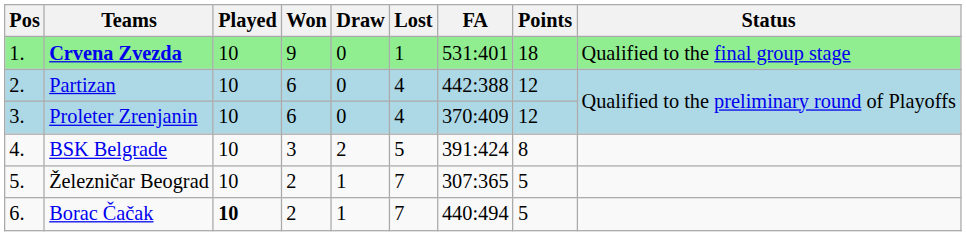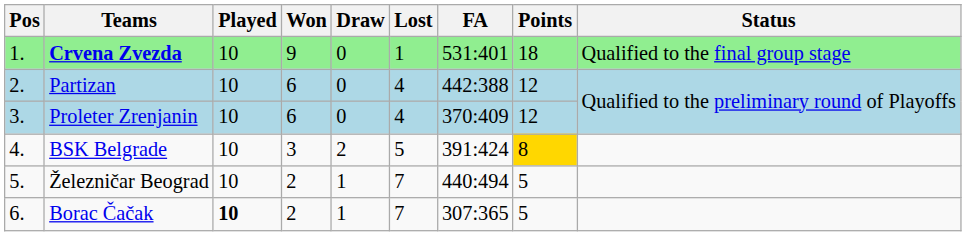 <table class="wikitable">
 <tr>
 <th>Pos</th>
 <th>Teams</th>
 <th>Played</th>
 <th>Won</th>
 <th>Draw</th>
 <th>Lost</th>
 <th>FA</th>
 <th>Points</th>
 <th>Status</th>
 </tr>
 <tr bgcolor="lightgreen">
 <td>1.</td>
 <td><strong><a href='#'>Crvena Zvezda</a></strong></td>
 <td>10</td>
 <td>9</td>
 <td>0</td>
 <td>1</td>
 <td>531:401</td>
 <td>18</td>
 <td>Qualified to the <a href='#'>final group stage</a></td>
 </tr>
 <tr bgcolor="lightblue">
 <td>2.</td>
 <td><a href='#'>Partizan</a></td>
 <td>10</td>
 <td>6</td>
 <td>0</td>
 <td>4</td>
 <td>442:388</td>
 <td>12</td>
 <td rowspan="2">Qualified to the <a href='#'>preliminary round</a> of Playoffs</td>
 </tr>
 <tr bgcolor="lightblue">
 <td>3.</td>
 <td><a href='#'>Proleter Zrenjanin</a></td>
 <td>10</td>
 <td>6</td>
 <td>0</td>
 <td>4</td>
 <td>370:409</td>
 <td>12</td>
 </tr>
 <tr>
 <td>4.</td>
 <td><a href='#'>BSK Belgrade</a></td>
 <td>10</td>
 <td>3</td>
 <td>2</td>
 <td>5</td>
 <td>391:424</td>
-<td>8</td>
+<td style="background: gold;">8</td>
 <td></td>
 </tr>
 <tr>
 <td>5.</td>
 <td>Železničar Beograd</td>
 <td>10</td>
 <td>2</td>
 <td>1</td>
 <td>7</td>
-<td>307:365</td>
+<td>440:494</td>
 <td>5</td>
 <td></td>
 </tr>
 <tr>
 <td>6.</td>
 <td><a href='#'>Borac Čačak</a></td>
 <td><strong>10</strong></td>
 <td>2</td>
 <td>1</td>
 <td>7</td>
-<td>440:494</td>
+<td>307:365</td>
 <td>5</td>
 <td></td>
 </tr>
 </table>
